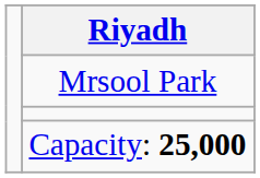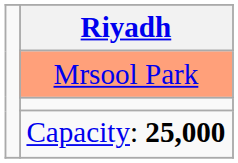 <table class="wikitable" style="text-align:center;margin:1em auto;">
 <tr>
 <td rowspan="4"></td>
 <th><a href='#'>Riyadh</a></th>
 </tr>
 <tr>
-<td><a href='#'>Mrsool Park</a></td>
+<td style="background: lightsalmon;"><a href='#'>Mrsool Park</a></td>
 </tr>
 <tr>
 <td></td>
 </tr>
 <tr>
 <td><a href='#'>Capacity</a>: <strong>25,000</strong></td>
 </tr>
 </table>
